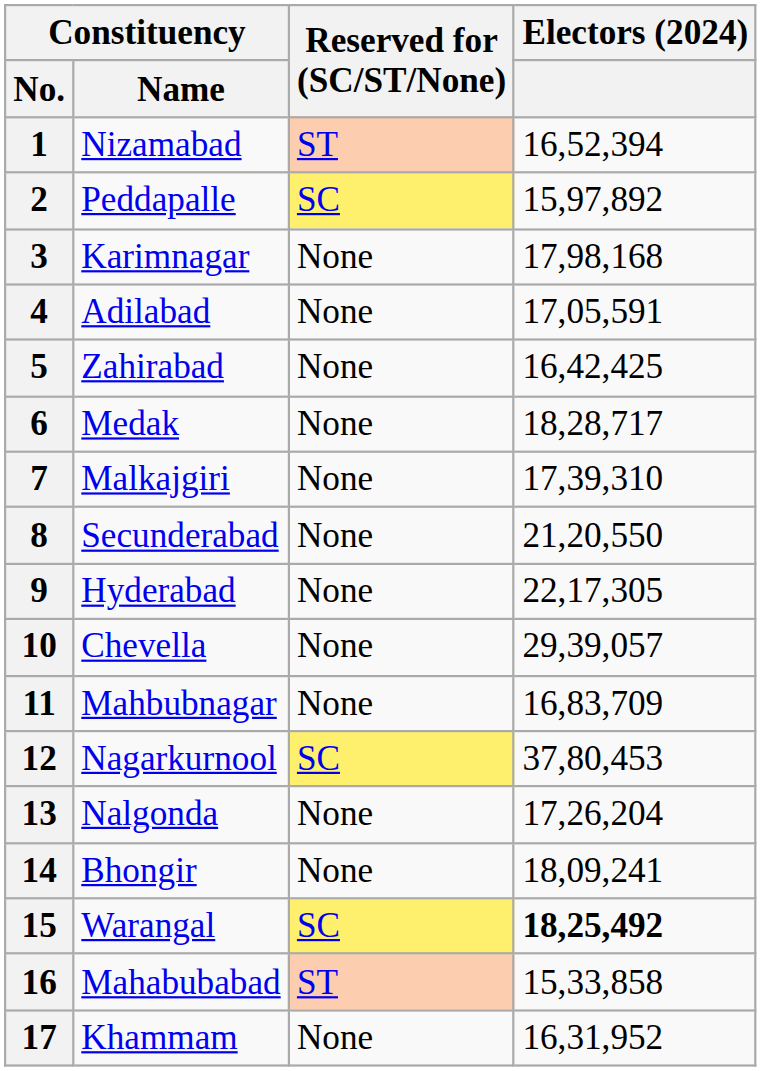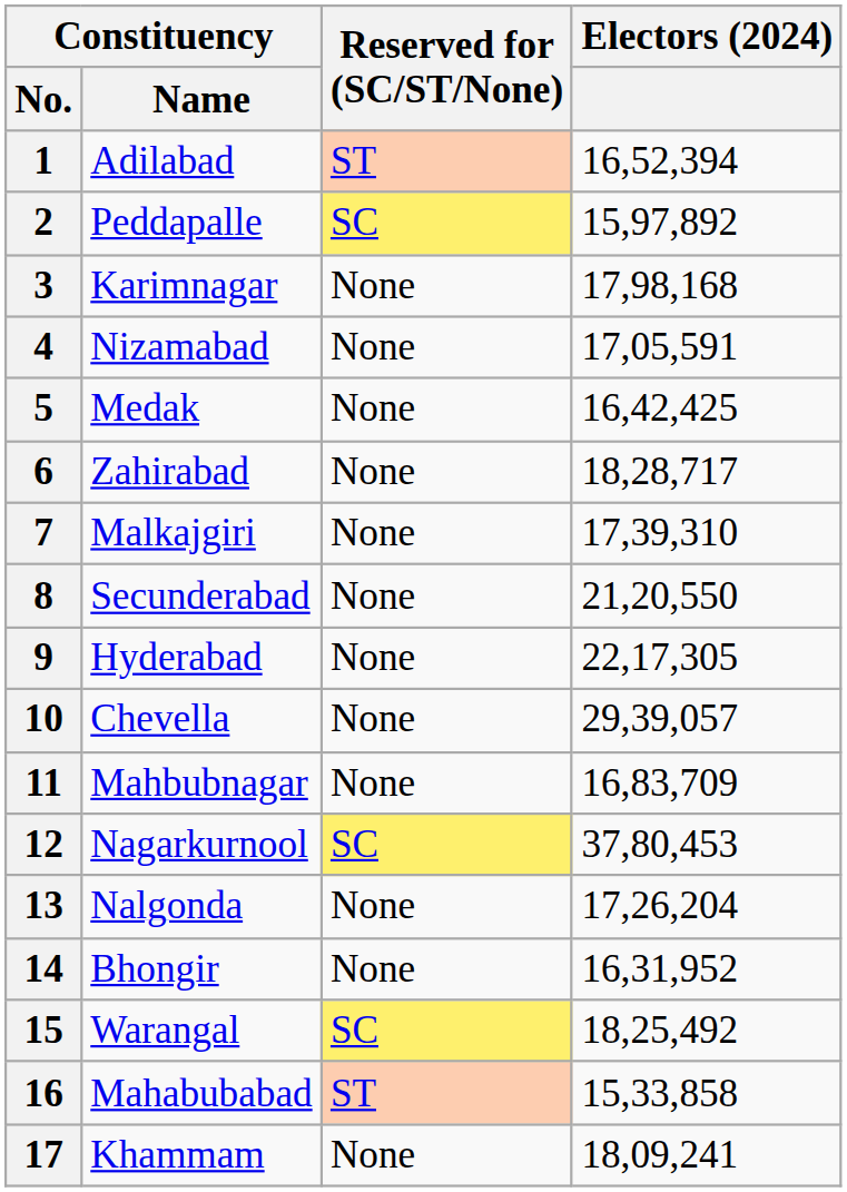 <table class="wikitable sortable">
 <tr>
 <th scope=colgroup colspan="2">Constituency</th>
 <th scope=col rowspan=2>Reserved for<br>(SC/ST/None)</th>
 <th>Electors (2024)</th>
 </tr>
 <tr>
 <th scope=col>No.</th>
 <th scope=col>Name</th>
 <th></th>
 </tr>
 <tr>
 <th scope=row>1</th>
-<td><a href='#'>Nizamabad</a></td>
+<td><a href='#'>Adilabad</a></td>
 <td style="background:#fdcdb0;"><a href='#'>ST</a></td>
 <td>16,52,394</td>
 </tr>
 <tr>
 <th scope=row>2</th>
 <td><a href='#'>Peddapalle</a></td>
 <td style="background:#fef06d;"><a href='#'>SC</a></td>
 <td>15,97,892</td>
 </tr>
 <tr>
 <th scope=row>3</th>
 <td><a href='#'>Karimnagar</a></td>
 <td>None</td>
 <td>17,98,168</td>
 </tr>
 <tr>
 <th scope=row>4</th>
-<td><a href='#'>Adilabad</a></td>
+<td><a href='#'>Nizamabad</a></td>
 <td>None</td>
 <td>17,05,591</td>
 </tr>
 <tr>
 <th scope=row>5</th>
-<td><a href='#'>Zahirabad</a></td>
+<td><a href='#'>Medak</a></td>
 <td>None</td>
 <td>16,42,425</td>
 </tr>
 <tr>
 <th scope=row>6</th>
-<td><a href='#'>Medak</a></td>
+<td><a href='#'>Zahirabad</a></td>
 <td>None</td>
 <td>18,28,717</td>
 </tr>
 <tr>
 <th scope=row>7</th>
 <td><a href='#'>Malkajgiri</a></td>
 <td>None</td>
 <td>17,39,310</td>
 </tr>
 <tr>
 <th scope=row>8</th>
 <td><a href='#'>Secunderabad</a></td>
 <td>None</td>
 <td>21,20,550</td>
 </tr>
 <tr>
 <th scope=row>9</th>
 <td><a href='#'>Hyderabad</a></td>
 <td>None</td>
 <td>22,17,305</td>
 </tr>
 <tr>
 <th scope=row>10</th>
 <td><a href='#'>Chevella</a></td>
 <td>None</td>
 <td>29,39,057</td>
 </tr>
 <tr>
 <th scope=row>11</th>
 <td><a href='#'>Mahbubnagar</a></td>
 <td>None</td>
 <td>16,83,709</td>
 </tr>
 <tr>
 <th scope=row>12</th>
 <td><a href='#'>Nagarkurnool</a></td>
 <td style="background:#fef06d;"><a href='#'>SC</a></td>
 <td>37,80,453</td>
 </tr>
 <tr>
 <th scope=row>13</th>
 <td><a href='#'>Nalgonda</a></td>
 <td>None</td>
 <td>17,26,204</td>
 </tr>
 <tr>
 <th scope=row>14</th>
 <td><a href='#'>Bhongir</a></td>
 <td>None</td>
-<td>18,09,241</td>
+<td>16,31,952</td>
 </tr>
 <tr>
 <th scope=row>15</th>
 <td><a href='#'>Warangal</a></td>
 <td style="background:#fef06d;"><a href='#'>SC</a></td>
-<td><strong>18,25,492</strong></td>
+<td>18,25,492</td>
 </tr>
 <tr>
 <th scope=row>16</th>
 <td><a href='#'>Mahabubabad</a></td>
 <td style="background:#fdcdb0;"><a href='#'>ST</a></td>
 <td>15,33,858</td>
 </tr>
 <tr>
 <th scope=row>17</th>
 <td><a href='#'>Khammam</a></td>
 <td>None</td>
-<td>16,31,952</td>
+<td>18,09,241</td>
 </tr>
 </table>
